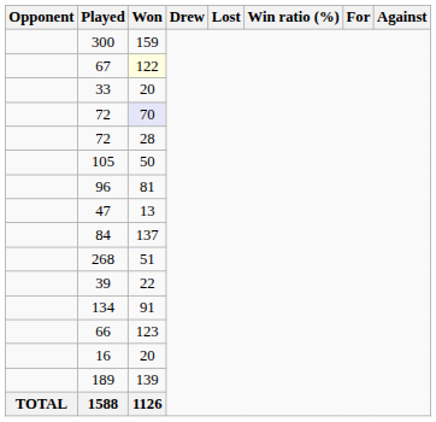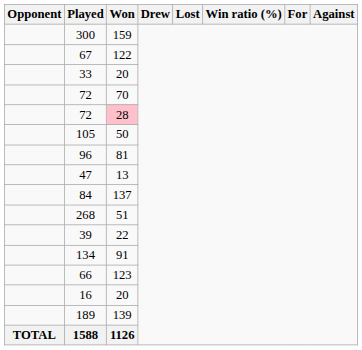 <table class="wikitable sortable">
 <tr>
 <th>Opponent</th>
 <th>Played</th>
 <th>Won</th>
 <th>Drew</th>
 <th>Lost</th>
 <th>Win ratio (%)</th>
 <th>For</th>
 <th>Against</th>
 </tr>
 <tr align=center>
 <td align=left><br></td>
 <td>300</td>
 <td>159</td>
 </tr>
 <tr align=center>
 <td align=left><br></td>
 <td>67</td>
-<td style="background: lightyellow;">122</td>
+<td>122</td>
 </tr>
 <tr align=center>
 <td align=left><br></td>
 <td>33</td>
 <td>20</td>
 </tr>
 <tr align=center>
 <td align=left><br></td>
 <td>72</td>
-<td style="background: lavender;">70</td>
+<td>70</td>
 </tr>
 <tr align=center>
 <td align=left><br></td>
 <td>72</td>
-<td>28</td>
+<td style="background: pink;">28</td>
 </tr>
 <tr align=center>
 <td align=left><br></td>
 <td>105</td>
 <td>50</td>
 </tr>
 <tr align=center>
 <td align=left><br></td>
 <td>96</td>
 <td>81</td>
 </tr>
 <tr align=center>
 <td align=left><br></td>
 <td>47</td>
 <td>13</td>
 </tr>
 <tr align=center>
 <td align=left><br></td>
 <td>84</td>
 <td>137</td>
 </tr>
 <tr align=center>
 <td align=left><br></td>
 <td>268</td>
 <td>51</td>
 </tr>
 <tr align=center>
 <td align=left><br></td>
 <td>39</td>
 <td>22</td>
 </tr>
 <tr align=center>
 <td align=left><br></td>
 <td>134</td>
 <td>91</td>
 </tr>
 <tr align=center>
 <td align=left><br></td>
 <td>66</td>
 <td>123</td>
 </tr>
 <tr align=center>
 <td align=left><br></td>
 <td>16</td>
 <td>20</td>
 </tr>
 <tr align=center>
 <td align=left><br></td>
 <td>189</td>
 <td>139</td>
 </tr>
 <tr>
 <th>TOTAL<br></th>
 <th>1588</th>
 <th>1126</th>
 </tr>
 </table>
